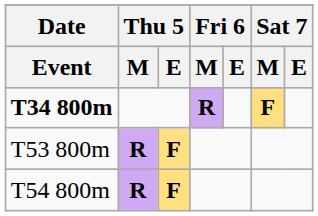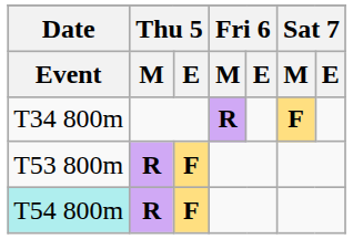 <table class="wikitable" style="margin:0.5em auto; font-size:90%; line-height:1.25em;">
 <tr align="center">
 </tr>
 <tr>
 <th>Date</th>
 <th colspan="2">Thu 5</th>
 <th colspan="2">Fri 6</th>
 <th colspan="2">Sat 7</th>
 </tr>
 <tr>
 <th>Event</th>
 <th>M</th>
 <th>E</th>
 <th>M</th>
 <th>E</th>
 <th>M</th>
 <th>E</th>
 </tr>
 <tr align="center">
-<td align="left"><strong>T34 800m</strong></td>
+<td align="left">T34 800m</td>
 <td colspan="2"></td>
 <td bgcolor="#D0A9F5"><strong>R</strong></td>
 <td></td>
 <td bgcolor="#FFDF80"><strong>F</strong></td>
 <td></td>
 </tr>
 <tr align="center">
 <td align="left">T53 800m</td>
 <td bgcolor="#D0A9F5"><strong>R</strong></td>
 <td bgcolor="#FFDF80"><strong>F</strong></td>
 <td colspan="2"></td>
 <td colspan="2"></td>
 </tr>
 <tr align="center">
-<td align="left">T54 800m</td>
+<td align="left" style="background: paleturquoise;">T54 800m</td>
 <td bgcolor="#D0A9F5"><strong>R</strong></td>
 <td bgcolor="#FFDF80"><strong>F</strong></td>
 <td colspan="2"></td>
 <td colspan="2"></td>
 </tr>
 </table>
